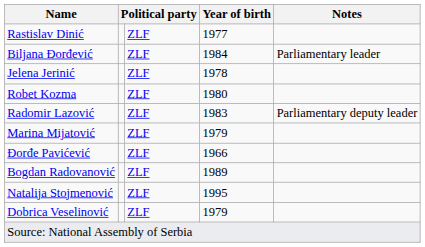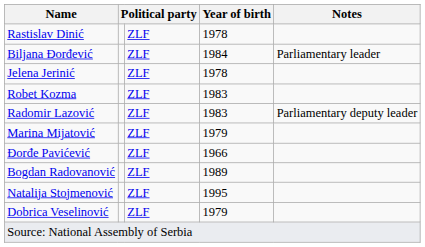 <table class="wikitable sortable" style="text-align:left">
 <tr>
 <th>Name</th>
 <th colspan="2">Political party</th>
 <th>Year of birth</th>
 <th>Notes</th>
 </tr>
 <tr>
 <td><a href='#'>Rastislav Dinić</a></td>
 <td width="1" style="color:inherit;background: "></td>
 <td><a href='#'>ZLF</a></td>
-<td>1977</td>
+<td>1978</td>
 <td></td>
 </tr>
 <tr>
 <td><a href='#'>Biljana Đorđević</a></td>
 <td width="1" style="color:inherit;background: "></td>
 <td><a href='#'>ZLF</a></td>
 <td>1984</td>
 <td>Parliamentary leader</td>
 </tr>
 <tr>
 <td><a href='#'>Jelena Jerinić</a></td>
 <td width="1" style="color:inherit;background: "></td>
 <td><a href='#'>ZLF</a></td>
 <td>1978</td>
 <td></td>
 </tr>
 <tr>
 <td><a href='#'>Robet Kozma</a></td>
 <td width="1" style="color:inherit;background: "></td>
 <td><a href='#'>ZLF</a></td>
-<td>1980</td>
+<td>1983</td>
 <td></td>
 </tr>
 <tr>
 <td><a href='#'>Radomir Lazović</a></td>
 <td width="1" style="color:inherit;background: "></td>
 <td><a href='#'>ZLF</a></td>
 <td>1983</td>
 <td>Parliamentary deputy leader</td>
 </tr>
 <tr>
 <td><a href='#'>Marina Mijatović</a></td>
 <td width="1" style="color:inherit;background: "></td>
 <td><a href='#'>ZLF</a></td>
 <td>1979</td>
 <td></td>
 </tr>
 <tr>
 <td><a href='#'>Đorđe Pavićević</a></td>
 <td width="1" style="color:inherit;background: "></td>
 <td><a href='#'>ZLF</a></td>
 <td>1966</td>
 <td></td>
 </tr>
 <tr>
 <td><a href='#'>Bogdan Radovanović</a></td>
 <td width="1" style="color:inherit;background: "></td>
 <td><a href='#'>ZLF</a></td>
 <td>1989</td>
 <td></td>
 </tr>
 <tr>
 <td><a href='#'>Natalija Stojmenović</a></td>
 <td width="1" style="color:inherit;background: "></td>
 <td><a href='#'>ZLF</a></td>
 <td>1995</td>
 <td></td>
 </tr>
 <tr>
 <td><a href='#'>Dobrica Veselinović</a></td>
 <td width="1" style="color:inherit;background: "></td>
 <td><a href='#'>ZLF</a></td>
 <td>1979</td>
 <td></td>
 </tr>
 <tr>
 <td style="background-color:#EAECF0" colspan="5">Source: National Assembly of Serbia</td>
 </tr>
 </table>
